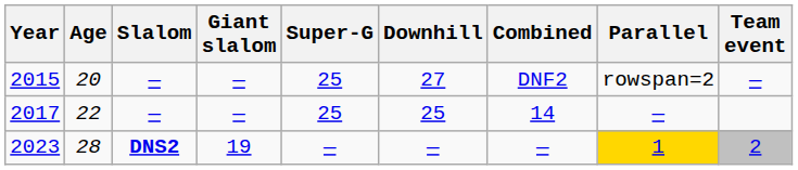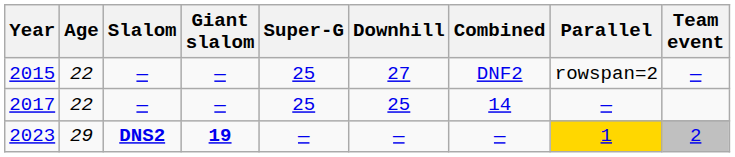 <table class=wikitable style="text-align:center">
 <tr>
 <th>Year</th>
 <th>Age</th>
 <th>Slalom</th>
 <th>Giant<br>slalom</th>
 <th>Super-G</th>
 <th>Downhill</th>
 <th>Combined</th>
 <th>Parallel</th>
 <th>Team<br>event</th>
 </tr>
 <tr>
 <td><a href='#'>2015</a></td>
-<td><em>20</em></td>
+<td><em>22</em></td>
 <td><a href='#'>—</a></td>
 <td><a href='#'>—</a></td>
 <td><a href='#'>25</a></td>
 <td><a href='#'>27</a></td>
 <td><a href='#'>DNF2</a></td>
 <td>rowspan=2 </td>
 <td><a href='#'>—</a></td>
 </tr>
 <tr>
 <td><a href='#'>2017</a></td>
 <td><em>22</em></td>
 <td><a href='#'>—</a></td>
 <td><a href='#'>—</a></td>
 <td><a href='#'>25</a></td>
 <td><a href='#'>25</a></td>
 <td><a href='#'>14</a></td>
 <td><a href='#'>—</a></td>
 </tr>
 <tr>
 <td><a href='#'>2023</a></td>
-<td><em>28</em></td>
+<td><em>29</em></td>
 <td><strong><a href='#'>DNS2</a></strong></td>
-<td><a href='#'>19</a></td>
+<td><strong><a href='#'>19</a></strong></td>
 <td><a href='#'>—</a></td>
 <td><a href='#'>—</a></td>
 <td><a href='#'>—</a></td>
 <td bgcolor="gold"><a href='#'>1</a></td>
 <td bgcolor="silver"><a href='#'>2</a></td>
 </tr>
 </table>
